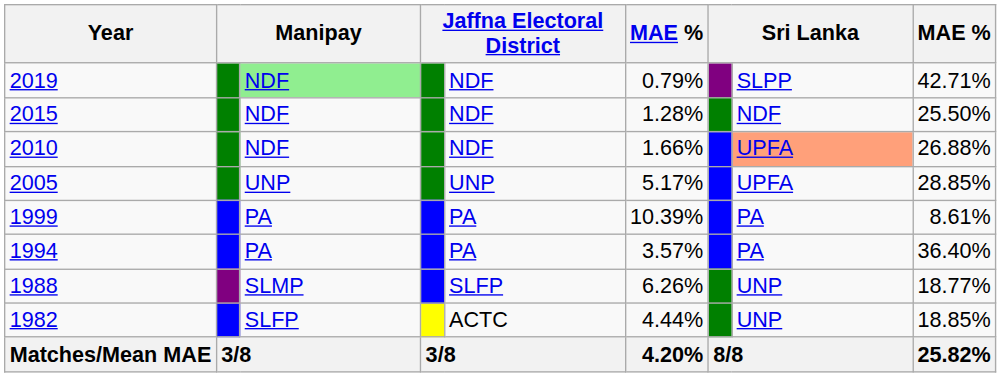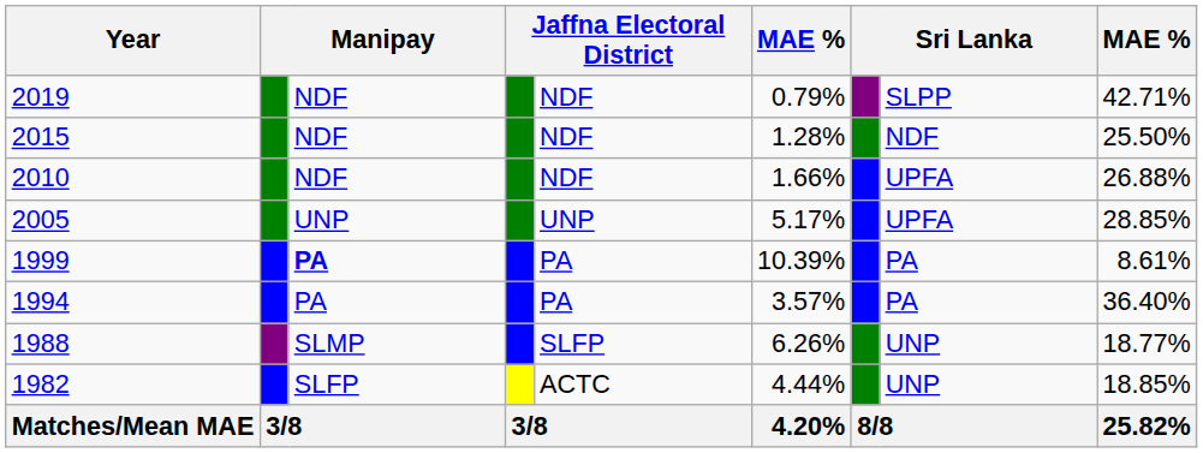 <table class="wikitable">
 <tr>
 <th>Year</th>
 <th colspan="2" width="144px">Manipay</th>
 <th colspan="2" width="144px"><a href='#'>Jaffna Electoral District</a></th>
 <th><a href='#'>MAE</a> %</th>
 <th colspan="2" width="144px">Sri Lanka</th>
 <th>MAE %</th>
 </tr>
 <tr>
 <td><a href='#'>2019</a></td>
 <td style="background-color:green;" width="10px"></td>
-<td style="background: lightgreen; text-align:left;"><a href='#'>NDF</a></td>
+<td style="text-align:left;"><a href='#'>NDF</a></td>
 <td style="background-color:green;" width="10px"></td>
 <td style="text-align:left;"><a href='#'>NDF</a></td>
 <td style="text-align:right;">0.79%</td>
 <td style="background-color:purple;" width="10px"></td>
 <td style="text-align:left;"><a href='#'>SLPP</a></td>
 <td style="text-align:right;">42.71%</td>
 </tr>
 <tr>
 <td><a href='#'>2015</a></td>
 <td style="background-color:green;" width="10px"></td>
 <td style="text-align:left;"><a href='#'>NDF</a></td>
 <td style="background-color:green;" width="10px"></td>
 <td style="text-align:left;"><a href='#'>NDF</a></td>
 <td style="text-align:right;">1.28%</td>
 <td style="background-color:green;" width="10px"></td>
 <td style="text-align:left;"><a href='#'>NDF</a></td>
 <td style="text-align:right;">25.50%</td>
 </tr>
 <tr>
 <td><a href='#'>2010</a></td>
 <td style="background-color:green;" width="10px"></td>
 <td style="text-align:left;"><a href='#'>NDF</a></td>
 <td style="background-color:green;" width="10px"></td>
 <td style="text-align:left;"><a href='#'>NDF</a></td>
 <td style="text-align:right;">1.66%</td>
 <td style="background-color:blue;" width="10px"></td>
-<td style="background: lightsalmon; text-align:left;"><a href='#'>UPFA</a></td>
+<td style="text-align:left;"><a href='#'>UPFA</a></td>
 <td style="text-align:right;">26.88%</td>
 </tr>
 <tr>
 <td><a href='#'>2005</a></td>
 <td style="background-color:green;" width="10px"></td>
 <td style="text-align:left;"><a href='#'>UNP</a></td>
 <td style="background-color:green;" width="10px"></td>
 <td style="text-align:left;"><a href='#'>UNP</a></td>
 <td style="text-align:right;">5.17%</td>
 <td style="background-color:blue;" width="10px"></td>
 <td style="text-align:left;"><a href='#'>UPFA</a></td>
 <td style="text-align:right;">28.85%</td>
 </tr>
 <tr>
 <td><a href='#'>1999</a></td>
 <td style="background-color:blue;" width="10px"></td>
-<td style="text-align:left;"><a href='#'>PA</a></td>
+<td style="text-align:left;"><strong><a href='#'>PA</a></strong></td>
 <td style="background-color:blue;" width="10px"></td>
 <td style="text-align:left;"><a href='#'>PA</a></td>
 <td style="text-align:right;">10.39%</td>
 <td style="background-color:blue;" width="10px"></td>
 <td style="text-align:left;"><a href='#'>PA</a></td>
 <td style="text-align:right;">8.61%</td>
 </tr>
 <tr>
 <td><a href='#'>1994</a></td>
 <td style="background-color:blue;" width="10px"></td>
 <td style="text-align:left;"><a href='#'>PA</a></td>
 <td style="background-color:blue;" width="10px"></td>
 <td style="text-align:left;"><a href='#'>PA</a></td>
 <td style="text-align:right;">3.57%</td>
 <td style="background-color:blue;" width="10px"></td>
 <td style="text-align:left;"><a href='#'>PA</a></td>
 <td style="text-align:right;">36.40%</td>
 </tr>
 <tr>
 <td><a href='#'>1988</a></td>
 <td style="background-color:purple;" width="10px"></td>
 <td style="text-align:left;"><a href='#'>SLMP</a></td>
 <td style="background-color:blue;" width="10px"></td>
 <td style="text-align:left;"><a href='#'>SLFP</a></td>
 <td style="text-align:right;">6.26%</td>
 <td style="background-color:green;" width="10px"></td>
 <td style="text-align:left;"><a href='#'>UNP</a></td>
 <td style="text-align:right;">18.77%</td>
 </tr>
 <tr>
 <td><a href='#'>1982</a></td>
 <td style="background-color:blue;" width="10px"></td>
 <td style="text-align:left;"><a href='#'>SLFP</a></td>
 <td style="background-color:yellow;" width="10px"></td>
 <td style="text-align:left;">ACTC</td>
 <td style="text-align:right;">4.44%</td>
 <td style="background-color:green;" width="10px"></td>
 <td style="text-align:left;"><a href='#'>UNP</a></td>
 <td style="text-align:right;">18.85%</td>
 </tr>
 <tr>
 <th>Matches/Mean MAE</th>
 <th style="text-align:left;"colspan="2" width="144px">3/8</th>
 <th style="text-align:left;"colspan="2" width="144px">3/8</th>
 <th style="text-align:right;">4.20%</th>
 <th style="text-align:left;"colspan="2" width="144px">8/8</th>
 <th style="text-align:right;">25.82%</th>
 </tr>
 </table>
